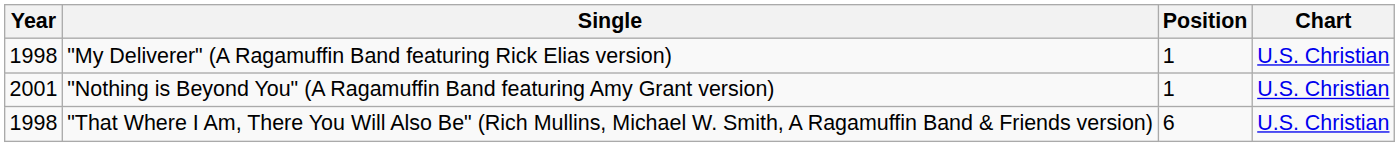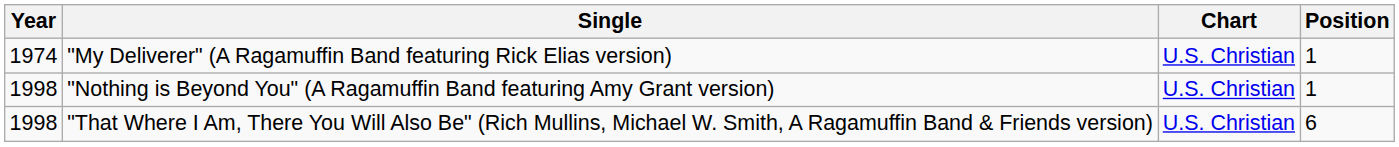 <table class="wikitable">
 <tr>
 <th align="left">Year</th>
 <th align="left">Single</th>
+<th align="left">Chart</th>
 <th align="left">Position</th>
-<th align="left">Chart</th>
+</tr>
+<tr>
+<td align="left">1974</td>
+<td align="left">"My Deliverer" (A Ragamuffin Band featuring Rick Elias version)</td>
+<td align="left"><a href='#'>U.S. Christian</a></td>
+<td align="left">1</td>
 </tr>
 <tr>
 <td align="left">1998</td>
-<td align="left">"My Deliverer" (A Ragamuffin Band featuring Rick Elias version)</td>
+<td align="left">"Nothing is Beyond You" (A Ragamuffin Band featuring Amy Grant version)</td>
+<td align="left"><a href='#'>U.S. Christian</a></td>
 <td align="left">1</td>
-<td align="left"><a href='#'>U.S. Christian</a></td>
-</tr>
-<tr>
-<td align="left">2001</td>
-<td align="left">"Nothing is Beyond You" (A Ragamuffin Band featuring Amy Grant version)</td>
-<td align="left">1</td>
-<td align="left"><a href='#'>U.S. Christian</a></td>
 </tr>
 <tr>
 <td align="left">1998</td>
 <td align="left">"That Where I Am, There You Will Also Be" (Rich Mullins, Michael W. Smith, A Ragamuffin Band & Friends version)</td>
+<td align="left"><a href='#'>U.S. Christian</a></td>
 <td align="left">6</td>
-<td align="left"><a href='#'>U.S. Christian</a></td>
 </tr>
 </table>
